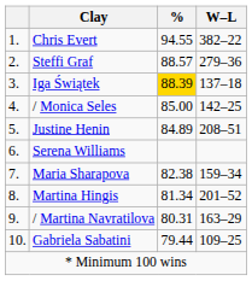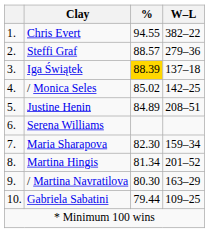 <table class="wikitable" style="display:inline-table">
 <tr>
 <th></th>
 <th>Clay</th>
 <th>%</th>
 <th style="width:50px;">W–L</th>
 </tr>
 <tr>
 <td>1.</td>
 <td> <a href='#'>Chris Evert</a></td>
 <td>94.55</td>
 <td>382–22</td>
 </tr>
 <tr>
 <td>2.</td>
 <td> <a href='#'>Steffi Graf</a></td>
 <td>88.57</td>
 <td>279–36</td>
 </tr>
 <tr>
 <td>3.</td>
 <td> <a href='#'>Iga Świątek </a></td>
 <td style="background: gold;">88.39</td>
 <td>137–18</td>
 </tr>
 <tr>
 <td>4.</td>
 <td> / <a href='#'>Monica Seles</a></td>
-<td>85.00</td>
+<td>85.02</td>
 <td>142–25</td>
 </tr>
 <tr>
 <td>5.</td>
 <td> <a href='#'>Justine Henin</a></td>
 <td>84.89</td>
 <td>208–51</td>
 </tr>
 <tr>
 <td>6.</td>
 <td> <a href='#'>Serena Williams</a></td>
 <td></td>
 </tr>
 <tr>
 <td>7.</td>
 <td> <a href='#'>Maria Sharapova</a></td>
-<td>82.38</td>
+<td>82.30</td>
 <td>159–34</td>
 </tr>
 <tr>
 <td>8.</td>
 <td> <a href='#'>Martina Hingis</a></td>
 <td>81.34</td>
 <td>201–52</td>
 </tr>
 <tr>
 <td>9.</td>
 <td nowrap>/ <a href='#'>Martina Navratilova</a></td>
-<td>80.31</td>
+<td>80.30</td>
 <td>163–29</td>
 </tr>
 <tr>
 <td>10.</td>
 <td> <a href='#'>Gabriela Sabatini</a></td>
 <td>79.44</td>
 <td>109–25</td>
 </tr>
 <tr>
 <td colspan=4 style="text-align:center;">* Minimum 100 wins</td>
 </tr>
 </table>
